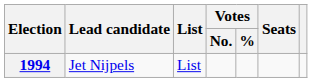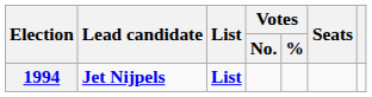 <table class="wikitable" style="text-align:right">
 <tr>
 <th rowspan=2 scope="col">Election</th>
 <th rowspan=2 scope="col">Lead candidate</th>
 <th rowspan=2 scope="col">List</th>
 <th colspan=2 scope="col">Votes</th>
 <th rowspan=2 scope="col">Seats</th>
 <th scope="col" rowspan=2 class="unsortable"></th>
 </tr>
 <tr>
 <th>No.</th>
 <th>%</th>
 </tr>
 <tr>
 <th scope="row"><a href='#'>1994</a></th>
-<td align="left"><a href='#'>Jet Nijpels</a></td>
-<td align="left"><a href='#'>List</a></td>
+<td align="left"><strong><a href='#'>Jet Nijpels</a></strong></td>
+<td align="left"><strong><a href='#'>List</a></strong></td>
 <td></td>
 <td></td>
 <td></td>
 <td align="left"></td>
 </tr>
 </table>
